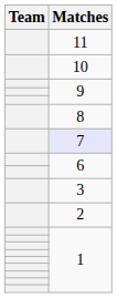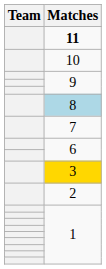 <table class="wikitable plainrowheaders" style="text-align: center;">
 <tr>
 <th>Team</th>
 <th>Matches</th>
 </tr>
 <tr>
 <th scope=row></th>
-<td>11</td>
+<td><strong>11</strong></td>
 </tr>
 <tr>
 <th scope=row></th>
 <td>10</td>
 </tr>
 <tr>
 <th scope=row></th>
 <td rowspan=3>9</td>
 </tr>
 <tr>
 <th scope=row></th>
 </tr>
 <tr>
 <th scope=row></th>
 </tr>
 <tr>
 <th scope=row></th>
-<td>8</td>
+<td style="background: lightblue;">8</td>
 </tr>
 <tr>
 <th scope=row></th>
-<td style="background: lavender;">7</td>
+<td>7</td>
 </tr>
 <tr>
 <th scope=row></th>
 <td rowspan=2>6</td>
 </tr>
 <tr>
 <th scope=row></th>
 </tr>
 <tr>
 <th scope=row></th>
-<td>3</td>
+<td style="background: gold;">3</td>
 </tr>
 <tr>
 <th scope=row></th>
 <td>2</td>
 </tr>
 <tr>
 <th scope=row></th>
 <td rowspan=9>1</td>
 </tr>
 <tr>
 <th scope=row></th>
 </tr>
 <tr>
 <th scope=row></th>
 </tr>
 <tr>
 <th scope=row></th>
 </tr>
 <tr>
 <th scope=row></th>
 </tr>
 <tr>
 <th scope=row></th>
 </tr>
 <tr>
 <th scope=row></th>
 </tr>
 <tr>
 <th scope=row></th>
 </tr>
 <tr>
 <th scope=row></th>
 </tr>
 </table>
